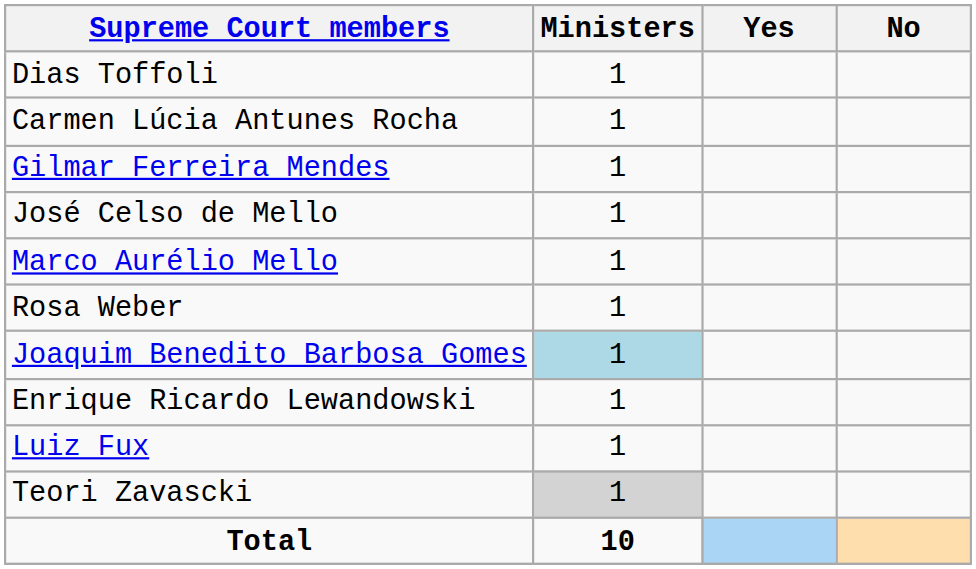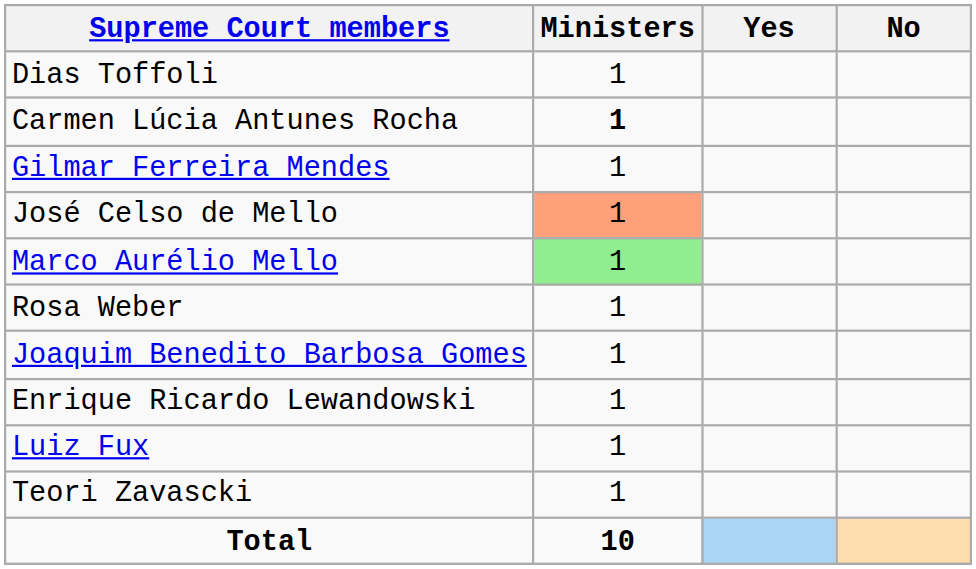 <table class="wikitable">
 <tr>
 <th><a href='#'>Supreme Court members</a></th>
 <th width="55pt">Ministers</th>
 <th width="55pt">Yes</th>
 <th width="55pt">No</th>
 </tr>
 <tr>
 <td align="left">Dias Toffoli</td>
 <td align="center">1</td>
 <td align="center"></td>
 <td align="center"></td>
 </tr>
 <tr>
 <td align="left">Carmen Lúcia Antunes Rocha</td>
-<td align="center">1</td>
+<td align="center"><strong>1</strong></td>
 <td align="center"></td>
 <td align="center"></td>
 </tr>
 <tr>
 <td align="left"><a href='#'>Gilmar Ferreira Mendes</a></td>
 <td align="center">1</td>
 <td align="center"></td>
 <td align="center"></td>
 </tr>
 <tr>
 <td align="left">José Celso de Mello</td>
-<td align="center">1</td>
+<td align="center" style="background: lightsalmon;">1</td>
 <td align="center"></td>
 <td align="center"></td>
 </tr>
 <tr>
 <td align="left"><a href='#'>Marco Aurélio Mello</a></td>
-<td align="center">1</td>
+<td align="center" style="background: lightgreen;">1</td>
 <td align="center"></td>
 <td align="center"></td>
 </tr>
 <tr>
 <td align="left">Rosa Weber</td>
 <td align="center">1</td>
 <td align="center"></td>
 <td align="center"></td>
 </tr>
 <tr>
 <td align="left"><a href='#'>Joaquim Benedito Barbosa Gomes</a></td>
-<td align="center" style="background: lightblue;">1</td>
+<td align="center">1</td>
 <td align="center"></td>
 <td align="center"></td>
 </tr>
 <tr>
 <td align="left">Enrique Ricardo Lewandowski</td>
 <td align="center">1</td>
 <td align="center"></td>
 <td align="center"></td>
 </tr>
 <tr>
 <td align="left"><a href='#'>Luiz Fux</a></td>
 <td align="center">1</td>
 <td align="center"></td>
 <td align="center"></td>
 </tr>
 <tr>
 <td align="left">Teori Zavascki</td>
-<td align="center" style="background: lightgrey;">1</td>
+<td align="center">1</td>
 <td align="center"></td>
 <td align="center"></td>
 </tr>
 <tr>
 <td align="center"><strong>Total</strong></td>
 <td align="center"><strong>10</strong></td>
 <td align="center" bgcolor="#abd5f5"></td>
 <td align="center" bgcolor="#FFDEAD"></td>
 </tr>
 <tr>
 </tr>
 </table>
